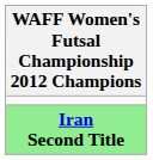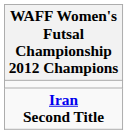 <table class="wikitable" style="text-align: center; margin: 0 auto; width: 20%">
 <tr>
 <th>WAFF Women's Futsal Championship <br>2012 Champions</th>
 </tr>
 <tr>
 <td></td>
 </tr>
 <tr>
-<td style="background: lightgreen;"><strong><a href='#'>Iran</a></strong><br><strong>Second Title</strong></td>
+<td><strong><a href='#'>Iran</a></strong><br><strong>Second Title</strong></td>
 </tr>
 </table>
